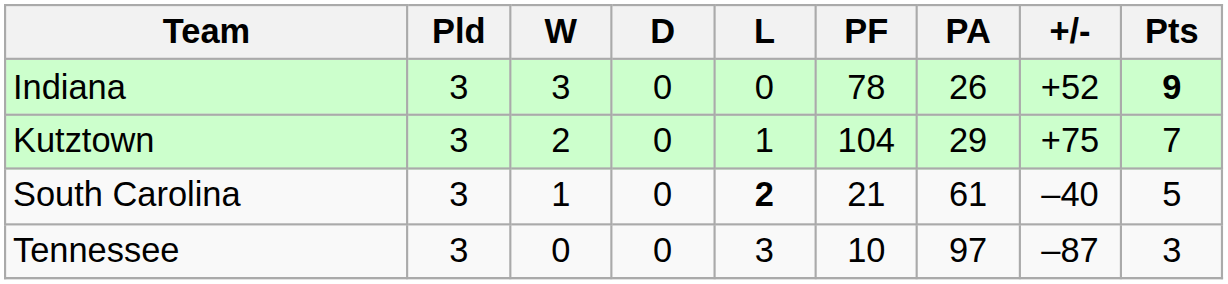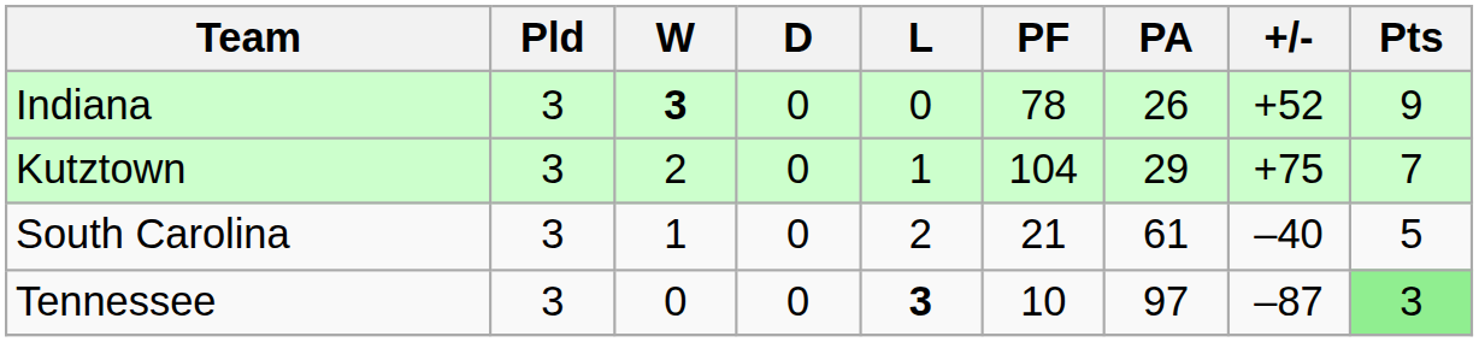 <table class="wikitable" style="text-align: center;">
 <tr>
 <th width="180">Team</th>
 <th width="40">Pld</th>
 <th width="40">W</th>
 <th width="40">D</th>
 <th width="40">L</th>
 <th width="40">PF</th>
 <th width="40">PA</th>
 <th width="40">+/-</th>
 <th width="40">Pts</th>
 </tr>
 <tr bgcolor=#ccffcc>
 <td align="left">Indiana</td>
 <td>3</td>
-<td>3</td>
+<td><strong>3</strong></td>
 <td>0</td>
 <td>0</td>
 <td>78</td>
 <td>26</td>
 <td>+52</td>
-<td><strong>9</strong></td>
+<td>9</td>
 </tr>
 <tr bgcolor=#ccffcc>
 <td align="left">Kutztown</td>
 <td>3</td>
 <td>2</td>
 <td>0</td>
 <td>1</td>
 <td>104</td>
 <td>29</td>
 <td>+75</td>
 <td>7</td>
 </tr>
 <tr>
 <td align="left">South Carolina</td>
 <td>3</td>
 <td>1</td>
 <td>0</td>
-<td><strong>2</strong></td>
+<td>2</td>
 <td>21</td>
 <td>61</td>
 <td>–40</td>
 <td>5</td>
 </tr>
 <tr>
 <td align="left">Tennessee</td>
 <td>3</td>
 <td>0</td>
 <td>0</td>
-<td>3</td>
+<td><strong>3</strong></td>
 <td>10</td>
 <td>97</td>
 <td>–87</td>
-<td>3</td>
+<td style="background: lightgreen;">3</td>
 </tr>
 <tr>
 </tr>
 </table>
